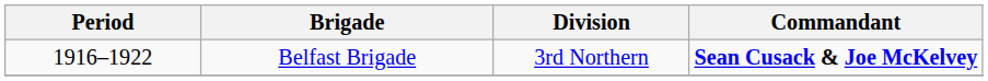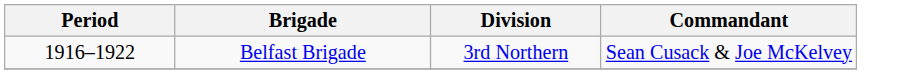 <table class="wikitable sortable" style="text-align:right">
 <tr>
 <th width=20%>Period</th>
 <th width=30%>Brigade</th>
 <th width=20%>Division</th>
 <th width=30%>Commandant</th>
 </tr>
 <tr>
 <td align="center">1916–1922</td>
 <td align="center"><a href='#'>Belfast Brigade</a></td>
 <td align="center"><a href='#'>3rd Northern</a></td>
-<td align="center"><strong><a href='#'>Sean Cusack</a> & <a href='#'>Joe McKelvey</a></strong></td>
+<td align="center"><a href='#'>Sean Cusack</a> & <a href='#'>Joe McKelvey</a></td>
 </tr>
 <tr>
 </tr>
 </table>
